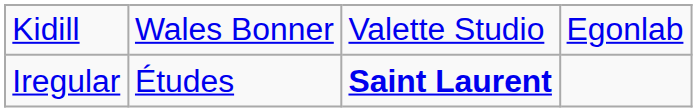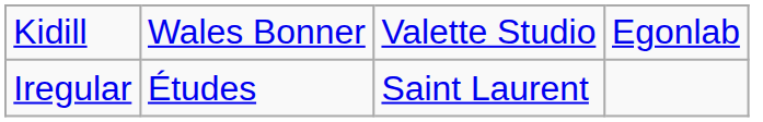 <table class="wikitable">
 <tr>
 <td><a href='#'>Kidill</a></td>
 <td><a href='#'>Wales Bonner</a></td>
 <td><a href='#'>Valette Studio</a></td>
 <td><a href='#'>Egonlab</a></td>
 </tr>
 <tr>
 <td><a href='#'>Iregular</a></td>
 <td><a href='#'>Études</a></td>
-<td><strong><a href='#'>Saint Laurent</a></strong></td>
+<td><a href='#'>Saint Laurent</a></td>
 <td></td>
 </tr>
 </table>
